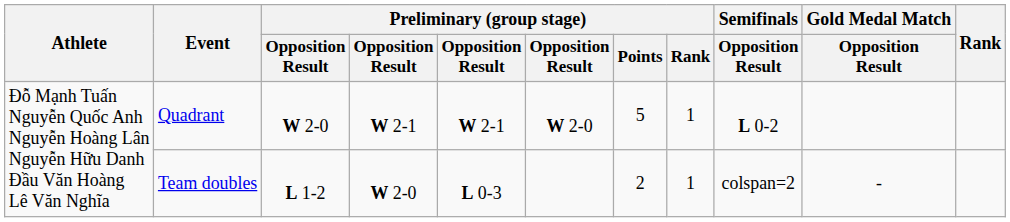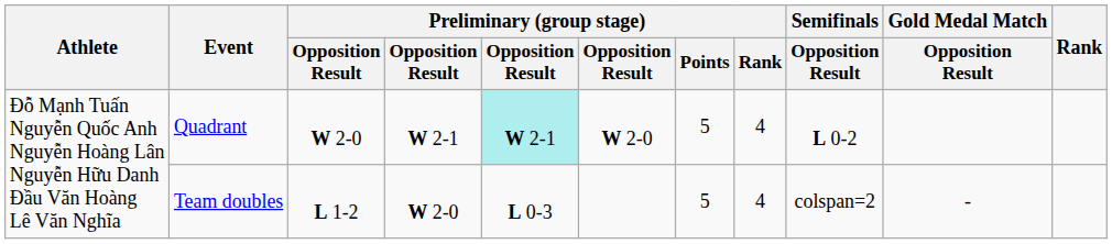 <table class=wikitable style="font-size:90%;text-align:center">
 <tr>
 <th rowspan=2>Athlete</th>
 <th rowspan=2>Event</th>
 <th colspan=6>Preliminary (group stage)</th>
 <th>Semifinals</th>
 <th>Gold Medal Match</th>
 <th rowspan=2>Rank</th>
 </tr>
 <tr style="font-size:95%">
 <th>Opposition<br>Result</th>
 <th>Opposition<br>Result</th>
 <th>Opposition<br>Result</th>
 <th>Opposition<br>Result</th>
 <th>Points</th>
 <th>Rank</th>
 <th>Opposition<br>Result</th>
 <th>Opposition<br>Result</th>
 </tr>
 <tr>
 <td rowspan=2 align=left>Đỗ Mạnh Tuấn<br>Nguyễn Quốc Anh<br>Nguyễn Hoàng Lân<br>Nguyễn Hữu Danh<br>Đầu Văn Hoàng<br>Lê Văn Nghĩa</td>
 <td align=left><a href='#'>Quadrant</a></td>
 <td><br><strong>W</strong> 2-0</td>
 <td><br><strong>W</strong> 2-1</td>
-<td><br><strong>W</strong> 2-1</td>
+<td style="background: paleturquoise;"><br><strong>W</strong> 2-1</td>
 <td><br><strong>W</strong> 2-0</td>
 <td>5</td>
-<td>1 <strong></strong></td>
+<td>4 <strong></strong></td>
 <td><br><strong>L</strong> 0-2</td>
 <td></td>
 <td></td>
 </tr>
 <tr>
 <td align=left><a href='#'>Team doubles</a></td>
 <td><br><strong>L</strong> 1-2</td>
 <td><br><strong>W</strong> 2-0</td>
 <td><br><strong>L</strong> 0-3</td>
 <td></td>
-<td>2</td>
-<td>1 <strong></strong></td>
+<td>5</td>
+<td>4 <strong></strong></td>
 <td>colspan=2</td>
 <td>-</td>
 </tr>
 </table>
